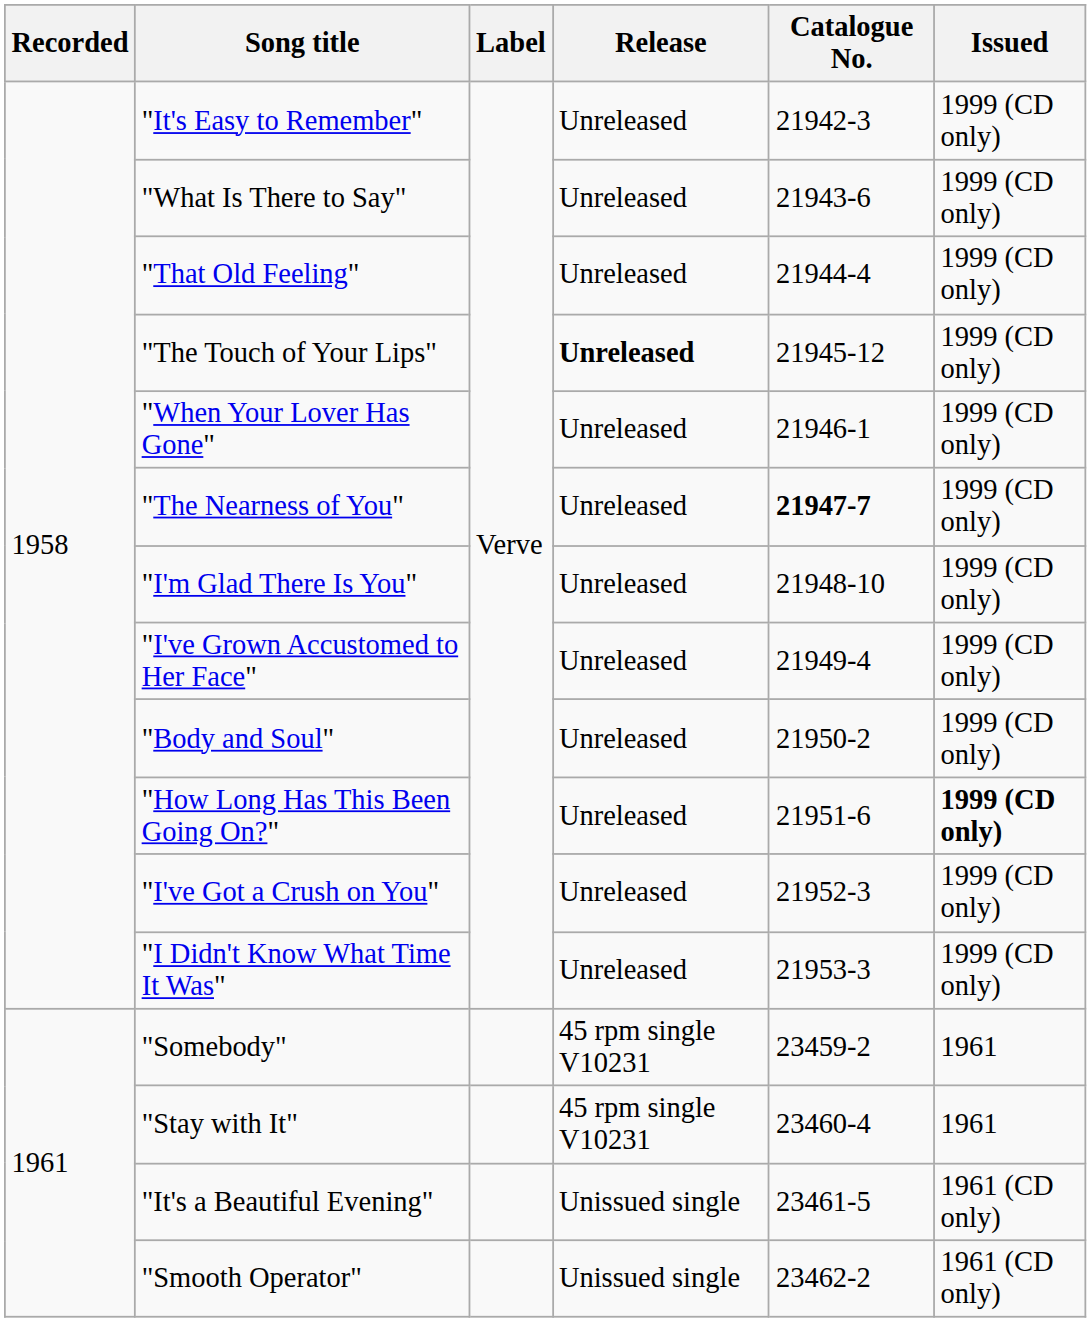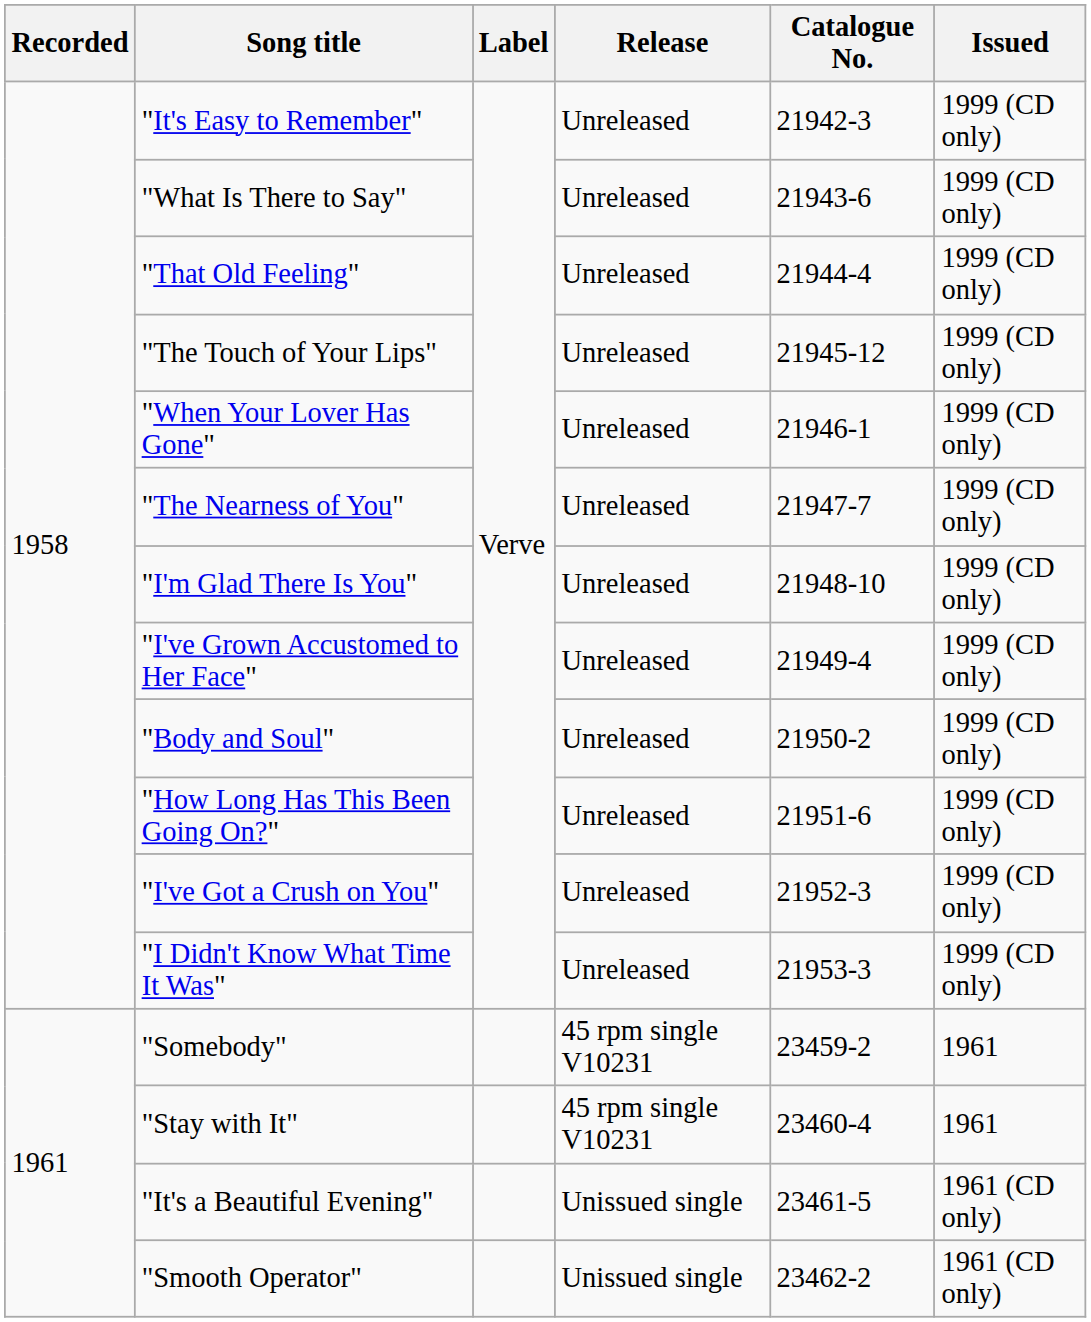 <table class="wikitable">
 <tr>
 <th>Recorded</th>
 <th>Song title</th>
 <th>Label</th>
 <th>Release</th>
 <th>Catalogue No.</th>
 <th>Issued</th>
 </tr>
 <tr>
 <td rowspan="12">1958</td>
 <td>"<a href='#'>It's Easy to Remember</a>"</td>
 <td rowspan="12">Verve</td>
 <td>Unreleased</td>
 <td>21942-3</td>
 <td>1999 (CD only)</td>
 </tr>
 <tr>
 <td>"What Is There to Say"</td>
 <td>Unreleased</td>
 <td>21943-6</td>
 <td>1999 (CD only)</td>
 </tr>
 <tr>
 <td>"<a href='#'>That Old Feeling</a>"</td>
 <td>Unreleased</td>
 <td>21944-4</td>
 <td>1999 (CD only)</td>
 </tr>
 <tr>
 <td>"The Touch of Your Lips"</td>
-<td><strong>Unreleased</strong></td>
+<td>Unreleased</td>
 <td>21945-12</td>
 <td>1999 (CD only)</td>
 </tr>
 <tr>
 <td>"<a href='#'>When Your Lover Has Gone</a>"</td>
 <td>Unreleased</td>
 <td>21946-1</td>
 <td>1999 (CD only)</td>
 </tr>
 <tr>
 <td>"<a href='#'>The Nearness of You</a>"</td>
 <td>Unreleased</td>
-<td><strong>21947-7</strong></td>
+<td>21947-7</td>
 <td>1999 (CD only)</td>
 </tr>
 <tr>
 <td>"<a href='#'>I'm Glad There Is You</a>"</td>
 <td>Unreleased</td>
 <td>21948-10</td>
 <td>1999 (CD only)</td>
 </tr>
 <tr>
 <td>"<a href='#'>I've Grown Accustomed to Her Face</a>"</td>
 <td>Unreleased</td>
 <td>21949-4</td>
 <td>1999 (CD only)</td>
 </tr>
 <tr>
 <td>"<a href='#'>Body and Soul</a>"</td>
 <td>Unreleased</td>
 <td>21950-2</td>
 <td>1999 (CD only)</td>
 </tr>
 <tr>
 <td>"<a href='#'>How Long Has This Been Going On?</a>"</td>
 <td>Unreleased</td>
 <td>21951-6</td>
-<td><strong>1999 (CD only)</strong></td>
+<td>1999 (CD only)</td>
 </tr>
 <tr>
 <td>"<a href='#'>I've Got a Crush on You</a>"</td>
 <td>Unreleased</td>
 <td>21952-3</td>
 <td>1999 (CD only)</td>
 </tr>
 <tr>
 <td>"<a href='#'>I Didn't Know What Time It Was</a>"</td>
 <td>Unreleased</td>
 <td>21953-3</td>
 <td>1999 (CD only)</td>
 </tr>
 <tr>
 <td rowspan="4">1961</td>
 <td>"Somebody"</td>
 <td></td>
 <td>45 rpm single V10231</td>
 <td>23459-2</td>
 <td>1961</td>
 </tr>
 <tr>
 <td>"Stay with It"</td>
 <td></td>
 <td>45 rpm single V10231</td>
 <td>23460-4</td>
 <td>1961</td>
 </tr>
 <tr>
 <td>"It's a Beautiful Evening"</td>
 <td></td>
 <td>Unissued single</td>
 <td>23461-5</td>
 <td>1961 (CD only)</td>
 </tr>
 <tr>
 <td>"Smooth Operator"</td>
 <td></td>
 <td>Unissued single</td>
 <td>23462-2</td>
 <td>1961 (CD only)</td>
 </tr>
 </table>
